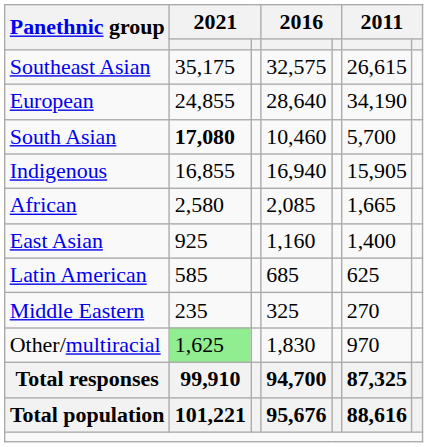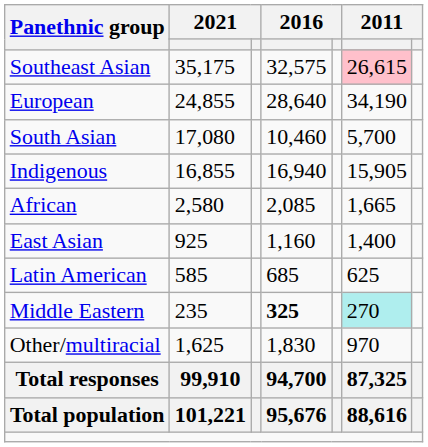 <table class="wikitable collapsible sortable">
 <tr>
 <th rowspan="2"><a href='#'>Panethnic</a> group</th>
 <th colspan="2">2021</th>
 <th colspan="2">2016</th>
 <th colspan="2">2011</th>
 </tr>
 <tr>
 <th><a href='#'></a></th>
 <th></th>
 <th></th>
 <th></th>
 <th></th>
 <th></th>
 </tr>
 <tr>
 <td><a href='#'>Southeast Asian</a></td>
 <td>35,175</td>
 <td></td>
 <td>32,575</td>
 <td></td>
-<td>26,615</td>
+<td style="background: pink;">26,615</td>
 <td></td>
 </tr>
 <tr>
 <td><a href='#'>European</a></td>
 <td>24,855</td>
 <td></td>
 <td>28,640</td>
 <td></td>
 <td>34,190</td>
 <td></td>
 </tr>
 <tr>
 <td><a href='#'>South Asian</a></td>
-<td><strong>17,080</strong></td>
+<td>17,080</td>
 <td></td>
 <td>10,460</td>
 <td></td>
 <td>5,700</td>
 <td></td>
 </tr>
 <tr>
 <td><a href='#'>Indigenous</a></td>
 <td>16,855</td>
 <td></td>
 <td>16,940</td>
 <td></td>
 <td>15,905</td>
 <td></td>
 </tr>
 <tr>
 <td><a href='#'>African</a></td>
 <td>2,580</td>
 <td></td>
 <td>2,085</td>
 <td></td>
 <td>1,665</td>
 <td></td>
 </tr>
 <tr>
 <td><a href='#'>East Asian</a></td>
 <td>925</td>
 <td></td>
 <td>1,160</td>
 <td></td>
 <td>1,400</td>
 <td></td>
 </tr>
 <tr>
 <td><a href='#'>Latin American</a></td>
 <td>585</td>
 <td></td>
 <td>685</td>
 <td></td>
 <td>625</td>
 <td></td>
 </tr>
 <tr>
 <td><a href='#'>Middle Eastern</a></td>
 <td>235</td>
 <td></td>
-<td>325</td>
+<td><strong>325</strong></td>
 <td></td>
-<td>270</td>
+<td style="background: paleturquoise;">270</td>
 <td></td>
 </tr>
 <tr>
 <td>Other/<a href='#'>multiracial</a></td>
-<td style="background: lightgreen;">1,625</td>
+<td>1,625</td>
 <td></td>
 <td>1,830</td>
 <td></td>
 <td>970</td>
 <td></td>
 </tr>
 <tr>
 <th>Total responses</th>
 <th>99,910</th>
 <th></th>
 <th>94,700</th>
 <th></th>
 <th>87,325</th>
 <th></th>
 </tr>
 <tr class="sortbottom">
 <th>Total population</th>
 <th>101,221</th>
 <th></th>
 <th>95,676</th>
 <th></th>
 <th>88,616</th>
 <th></th>
 </tr>
 <tr class="sortbottom">
 <td colspan="15"></td>
 </tr>
 </table>
